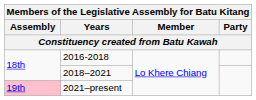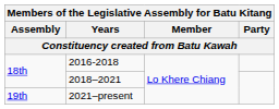 <table class=wikitable>
 <tr>
 <th colspan="4">Members of the Legislative Assembly for Batu Kitang</th>
 </tr>
 <tr>
 <th>Assembly</th>
 <th>Years</th>
 <th>Member</th>
 <th>Party</th>
 </tr>
 <tr>
 <th colspan=4 align=center><em>Constituency created from Batu Kawah</em></th>
 </tr>
 <tr>
 <td rowspan=2><a href='#'>18th</a></td>
 <td>2016-2018</td>
 <td rowspan="3"><a href='#'>Lo Khere Chiang</a></td>
 <td></td>
 </tr>
 <tr>
 <td>2018–2021</td>
 <td rowspan="2"></td>
 </tr>
 <tr>
-<td style="background: pink;"><a href='#'>19th</a></td>
+<td><a href='#'>19th</a></td>
 <td>2021–present</td>
 </tr>
 </table>
